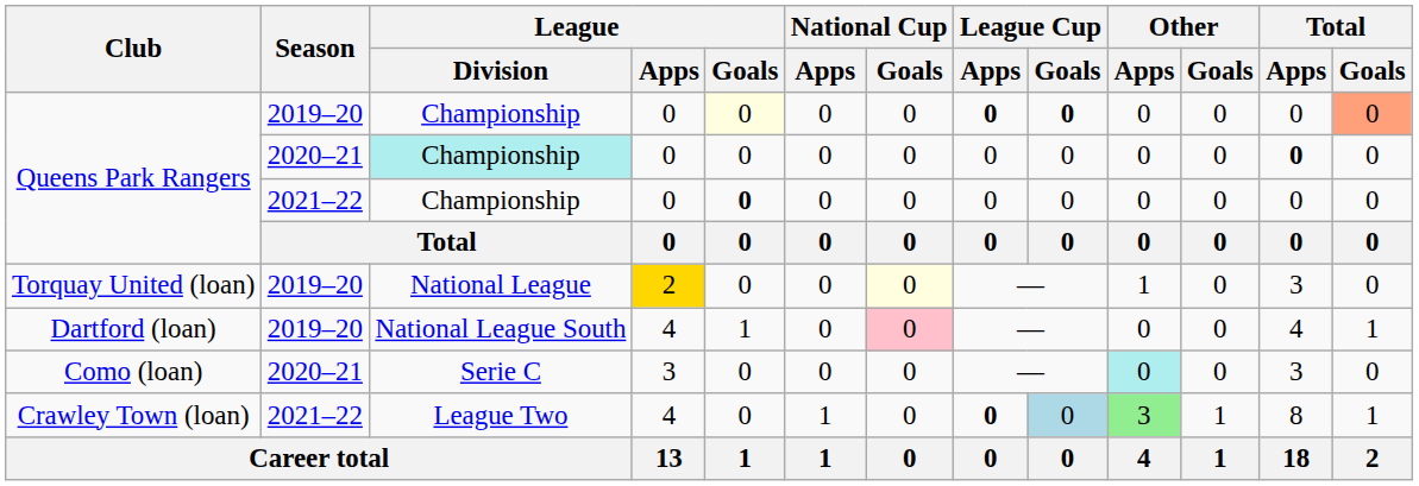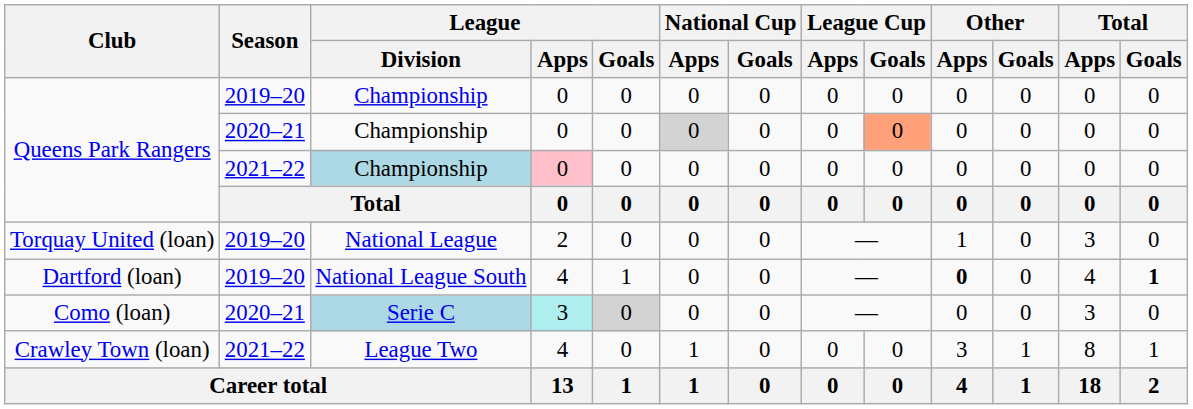 <table class="wikitable" style="text-align:center">
 <tr>
 <th rowspan="2">Club</th>
 <th rowspan="2">Season</th>
 <th colspan="3">League</th>
 <th colspan="2">National Cup</th>
 <th colspan="2">League Cup</th>
 <th colspan="2">Other</th>
 <th colspan="2">Total</th>
 </tr>
 <tr>
 <th>Division</th>
 <th>Apps</th>
 <th>Goals</th>
 <th>Apps</th>
 <th>Goals</th>
 <th>Apps</th>
 <th>Goals</th>
 <th>Apps</th>
 <th>Goals</th>
 <th>Apps</th>
 <th>Goals</th>
 </tr>
 <tr>
 <td rowspan="4"><a href='#'>Queens Park Rangers</a></td>
 <td><a href='#'>2019–20</a></td>
 <td><a href='#'>Championship</a></td>
 <td>0</td>
-<td style="background: lightyellow;">0</td>
-<td>0</td>
-<td>0</td>
-<td><strong>0</strong></td>
-<td><strong>0</strong></td>
-<td>0</td>
-<td>0</td>
-<td>0</td>
-<td style="background: lightsalmon;">0</td>
-</tr>
-<tr>
-<td><a href='#'>2020–21</a></td>
-<td style="background: paleturquoise;">Championship</td>
 <td>0</td>
 <td>0</td>
 <td>0</td>
 <td>0</td>
 <td>0</td>
 <td>0</td>
 <td>0</td>
 <td>0</td>
-<td><strong>0</strong></td>
+<td>0</td>
+</tr>
+<tr>
+<td><a href='#'>2020–21</a></td>
+<td>Championship</td>
+<td>0</td>
+<td>0</td>
+<td style="background: lightgrey;">0</td>
+<td>0</td>
+<td>0</td>
+<td style="background: lightsalmon;">0</td>
+<td>0</td>
+<td>0</td>
+<td>0</td>
 <td>0</td>
 </tr>
 <tr>
 <td><a href='#'>2021–22</a></td>
-<td>Championship</td>
+<td style="background: lightblue;">Championship</td>
+<td style="background: pink;">0</td>
 <td>0</td>
-<td><strong>0</strong></td>
 <td>0</td>
 <td>0</td>
 <td>0</td>
 <td>0</td>
 <td>0</td>
 <td>0</td>
 <td>0</td>
 <td>0</td>
 </tr>
 <tr>
 <th colspan="2">Total</th>
 <th>0</th>
 <th>0</th>
 <th>0</th>
 <th>0</th>
 <th>0</th>
 <th>0</th>
 <th>0</th>
 <th>0</th>
 <th>0</th>
 <th>0</th>
 </tr>
 <tr>
 <td><a href='#'>Torquay United</a> (loan)</td>
 <td><a href='#'>2019–20</a></td>
 <td><a href='#'>National League</a></td>
-<td style="background: gold;">2</td>
+<td>2</td>
 <td>0</td>
 <td>0</td>
-<td style="background: lightyellow;">0</td>
+<td>0</td>
 <td colspan="2">—</td>
 <td>1</td>
 <td>0</td>
 <td>3</td>
 <td>0</td>
 </tr>
 <tr>
 <td><a href='#'>Dartford</a> (loan)</td>
 <td><a href='#'>2019–20</a></td>
 <td><a href='#'>National League South</a></td>
 <td>4</td>
 <td>1</td>
 <td>0</td>
-<td style="background: pink;">0</td>
+<td>0</td>
 <td colspan="2">—</td>
-<td>0</td>
+<td><strong>0</strong></td>
 <td>0</td>
 <td>4</td>
-<td>1</td>
+<td><strong>1</strong></td>
 </tr>
 <tr>
 <td><a href='#'>Como</a> (loan)</td>
 <td><a href='#'>2020–21</a></td>
-<td><a href='#'>Serie C</a></td>
-<td>3</td>
-<td>0</td>
+<td style="background: lightblue;"><a href='#'>Serie C</a></td>
+<td style="background: paleturquoise;">3</td>
+<td style="background: lightgrey;">0</td>
 <td>0</td>
 <td>0</td>
 <td colspan="2">—</td>
-<td style="background: paleturquoise;">0</td>
+<td>0</td>
 <td>0</td>
 <td>3</td>
 <td>0</td>
 </tr>
 <tr>
 <td><a href='#'>Crawley Town</a> (loan)</td>
 <td><a href='#'>2021–22</a></td>
 <td><a href='#'>League Two</a></td>
 <td>4</td>
 <td>0</td>
 <td>1</td>
 <td>0</td>
-<td><strong>0</strong></td>
-<td style="background: lightblue;">0</td>
-<td style="background: lightgreen;">3</td>
+<td>0</td>
+<td>0</td>
+<td>3</td>
 <td>1</td>
 <td>8</td>
 <td>1</td>
 </tr>
 <tr>
 <th colspan="3">Career total</th>
 <th>13</th>
 <th>1</th>
 <th>1</th>
 <th>0</th>
 <th>0</th>
 <th>0</th>
 <th>4</th>
 <th>1</th>
 <th>18</th>
 <th>2</th>
 </tr>
 </table>
